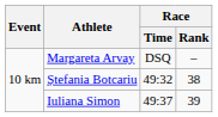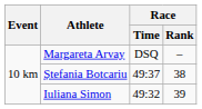 <table class="wikitable" border="1" style="font-size:90%">
 <tr>
 <th rowspan=2>Event</th>
 <th rowspan=2>Athlete</th>
 <th colspan=2>Race</th>
 </tr>
 <tr>
 <th>Time</th>
 <th>Rank</th>
 </tr>
 <tr>
 <td rowspan=3>10 km</td>
 <td><a href='#'>Margareta Arvay</a></td>
 <td align=center>DSQ</td>
 <td align=center>–</td>
 </tr>
 <tr>
 <td><a href='#'>Ștefania Botcariu</a></td>
-<td align=center>49:32</td>
+<td align=center>49:37</td>
 <td align=center>38</td>
 </tr>
 <tr>
 <td><a href='#'>Iuliana Simon</a></td>
-<td align=center>49:37</td>
+<td align=center>49:32</td>
 <td align=center>39</td>
 </tr>
 </table>
